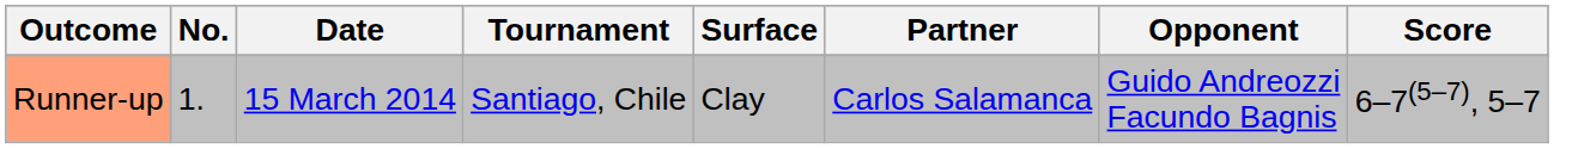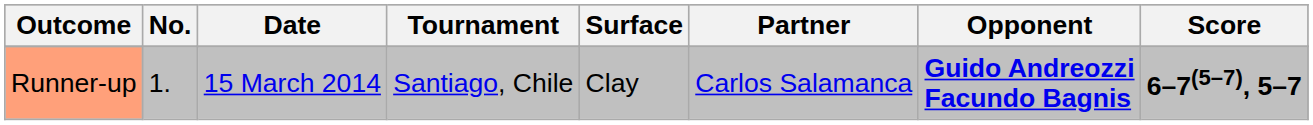 <table class=wikitable style=font-size:100%>
 <tr>
 <th>Outcome</th>
 <th>No.</th>
 <th>Date</th>
 <th>Tournament</th>
 <th>Surface</th>
 <th>Partner</th>
 <th>Opponent</th>
 <th>Score</th>
 </tr>
 <tr>
 </tr>
 <tr bgcolor=silver>
 <td bgcolor=#ffa07a>Runner-up</td>
 <td>1.</td>
 <td><a href='#'>15 March 2014</a></td>
 <td><a href='#'>Santiago</a>, Chile</td>
 <td>Clay</td>
 <td> <a href='#'>Carlos Salamanca</a></td>
-<td> <a href='#'>Guido Andreozzi</a><br> <a href='#'>Facundo Bagnis</a></td>
-<td>6–7<sup>(5–7)</sup>, 5–7</td>
+<td><strong> <a href='#'>Guido Andreozzi</a><br> <a href='#'>Facundo Bagnis</a></strong></td>
+<td><strong>6–7<sup>(5–7)</sup>, 5–7</strong></td>
 </tr>
 </table>
